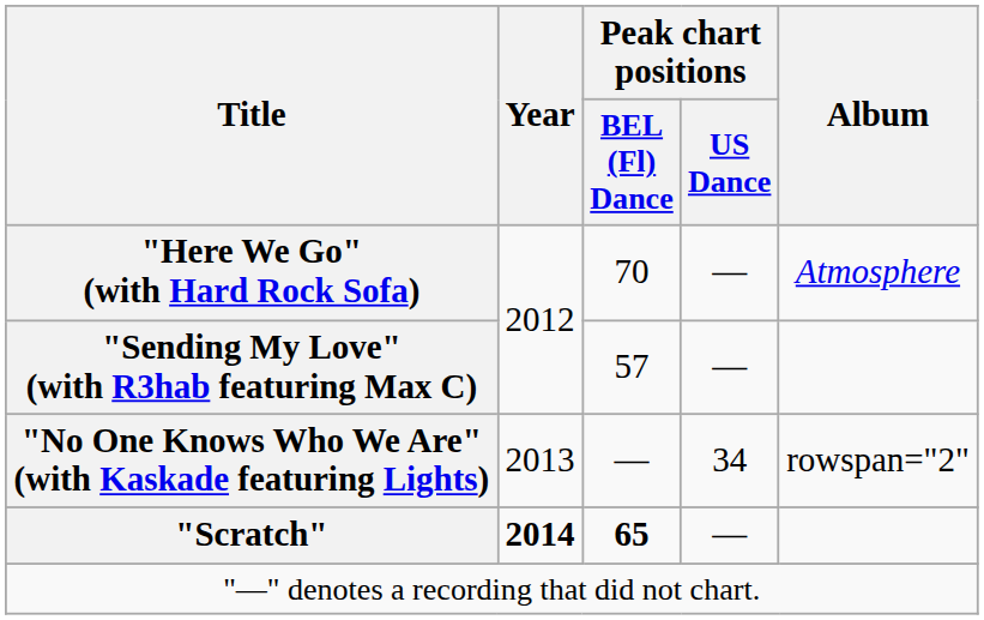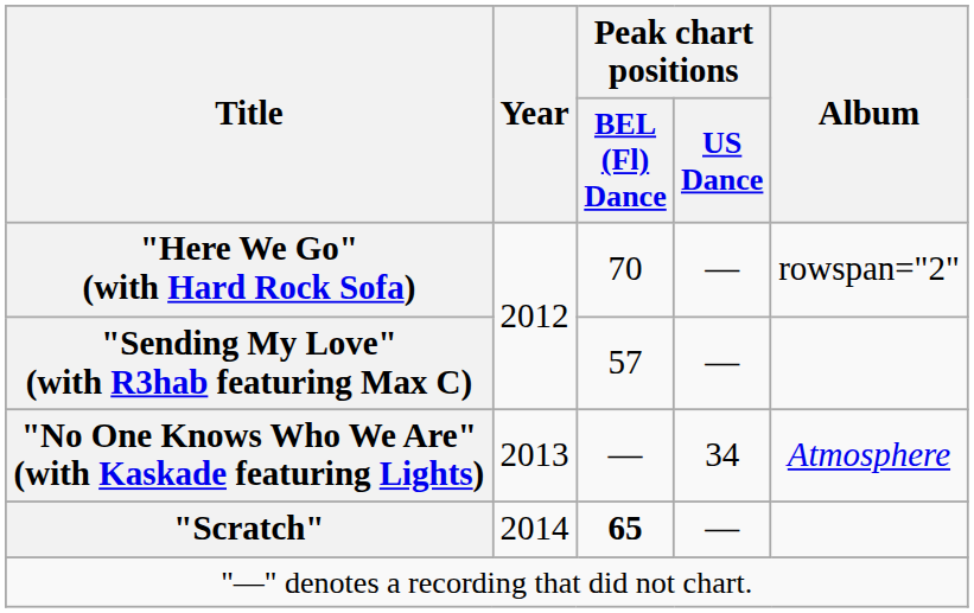 <table class="wikitable plainrowheaders" style="text-align:center;">
 <tr>
 <th scope="col" rowspan="2">Title</th>
 <th scope="col" rowspan="2">Year</th>
 <th scope="col" colspan="2">Peak chart positions</th>
 <th scope="col" rowspan="2">Album</th>
 </tr>
 <tr>
 <th scope="col" style="width:2.5em;font-size:90%;"><a href='#'>BEL (Fl) Dance</a><br></th>
 <th scope="col" style="width:2.5em;font-size:90%;"><a href='#'>US Dance</a><br></th>
 </tr>
 <tr>
 <th scope="row">"Here We Go"<br><span>(with <a href='#'>Hard Rock Sofa</a>)</span></th>
 <td rowspan="2">2012</td>
 <td>70</td>
 <td>—</td>
-<td><em><a href='#'>Atmosphere</a></em></td>
+<td>rowspan="2" </td>
 </tr>
 <tr>
 <th scope="row">"Sending My Love"<br><span>(with <a href='#'>R3hab</a> featuring Max C)</span></th>
 <td>57</td>
 <td>—</td>
 </tr>
 <tr>
 <th scope="row">"No One Knows Who We Are"<br><span>(with <a href='#'>Kaskade</a> featuring <a href='#'>Lights</a>)</span></th>
 <td>2013</td>
 <td>―</td>
 <td>34</td>
-<td>rowspan="2" </td>
+<td><em><a href='#'>Atmosphere</a></em></td>
 </tr>
 <tr>
 <th scope="row">"Scratch"</th>
-<td><strong>2014</strong></td>
+<td>2014</td>
 <td><strong>65</strong></td>
 <td>—</td>
 <td></td>
 </tr>
 <tr>
 <td colspan="5" style="font-size:90%">"—" denotes a recording that did not chart.</td>
 </tr>
 </table>
